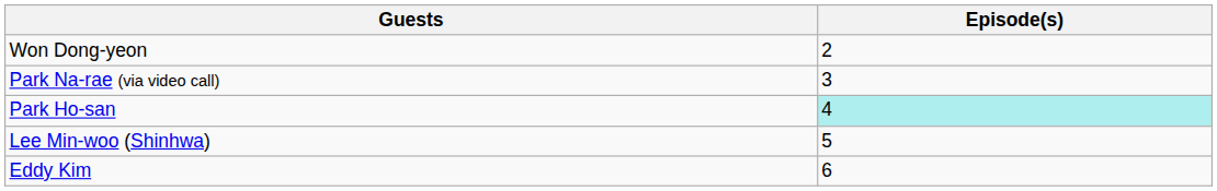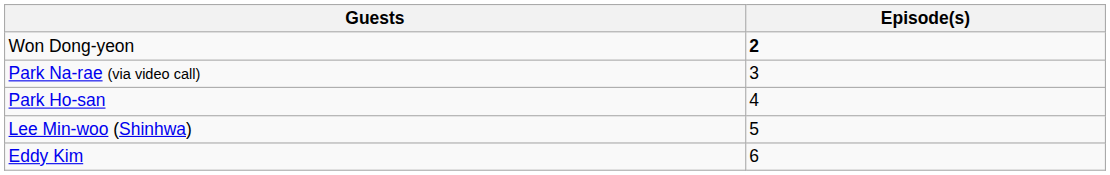 <table class="wikitable" style="width:80%; style="text-align:center margin:auto">
 <tr>
 <th>Guests</th>
 <th>Episode(s)</th>
 </tr>
 <tr>
 <td>Won Dong-yeon</td>
-<td>2</td>
+<td><strong>2</strong></td>
 </tr>
 <tr>
 <td><a href='#'>Park Na-rae</a> <small>(via video call)</small></td>
 <td>3</td>
 </tr>
 <tr>
 <td><a href='#'>Park Ho-san</a></td>
-<td style="background: paleturquoise;">4</td>
+<td>4</td>
 </tr>
 <tr>
 <td><a href='#'>Lee Min-woo</a> (<a href='#'>Shinhwa</a>)</td>
 <td>5</td>
 </tr>
 <tr>
 <td><a href='#'>Eddy Kim</a></td>
 <td>6</td>
 </tr>
 </table>
